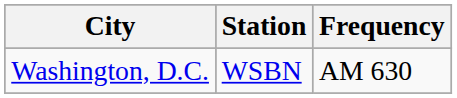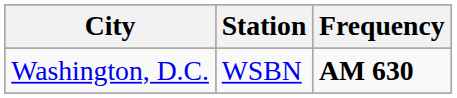 <table class="wikitable sortable">
 <tr>
 <th>City</th>
 <th>Station</th>
 <th>Frequency</th>
 </tr>
 <tr>
 <td rowspan=2><a href='#'>Washington, D.C.</a></td>
 <td><a href='#'>WSBN</a></td>
-<td>AM 630</td>
+<td><strong>AM 630</strong></td>
 </tr>
 </table>
